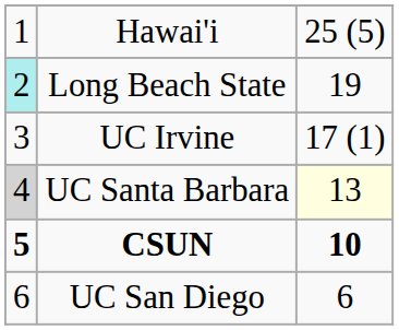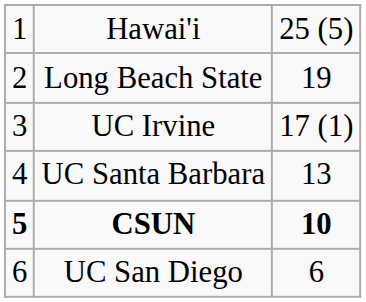 <table class="wikitable">
 <tr align="center">
 </tr>
 <tr align="center">
 <td>1</td>
 <td>Hawai'i</td>
 <td>25 (5)</td>
 </tr>
 <tr align="center">
-<td style="background: paleturquoise;">2</td>
+<td>2</td>
 <td>Long Beach State</td>
 <td>19</td>
 </tr>
 <tr align="center">
 <td>3</td>
 <td>UC Irvine</td>
 <td>17 (1)</td>
 </tr>
 <tr align="center">
-<td style="background: lightgrey;">4</td>
+<td>4</td>
 <td>UC Santa Barbara</td>
-<td style="background: lightyellow;">13</td>
+<td>13</td>
 </tr>
 <tr align="center">
 <td><strong>5</strong></td>
 <td><strong>CSUN</strong></td>
 <td><strong>10</strong></td>
 </tr>
 <tr align="center">
 <td>6</td>
 <td>UC San Diego</td>
 <td>6</td>
 </tr>
 </table>
